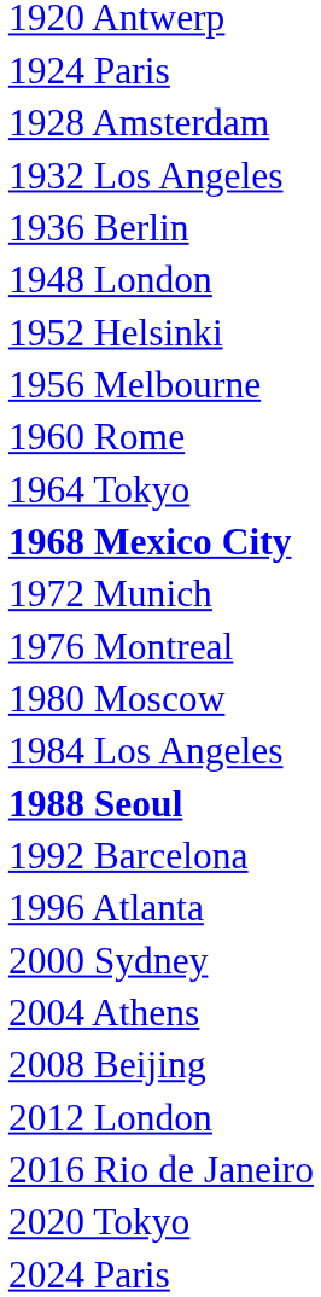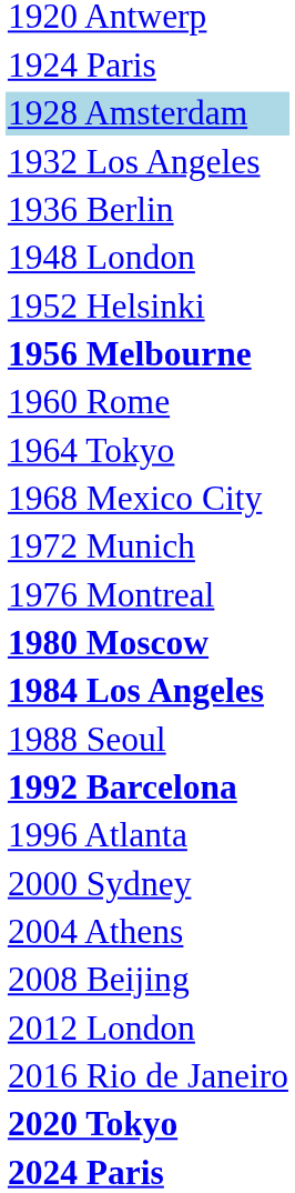 <table>
 <tr>
 <td><a href='#'>1920 Antwerp</a><br></td>
 <td></td>
 <td></td>
 <td></td>
 </tr>
 <tr>
 <td><a href='#'>1924 Paris</a><br></td>
 <td></td>
 <td></td>
 <td></td>
 </tr>
 <tr>
-<td><a href='#'>1928 Amsterdam</a><br></td>
+<td style="background: lightblue;"><a href='#'>1928 Amsterdam</a><br></td>
 <td></td>
 <td></td>
 <td></td>
 </tr>
 <tr>
 <td><a href='#'>1932 Los Angeles</a><br></td>
 <td></td>
 <td></td>
 <td></td>
 </tr>
 <tr>
 <td><a href='#'>1936 Berlin</a><br></td>
 <td></td>
 <td></td>
 <td></td>
 </tr>
 <tr>
 <td><a href='#'>1948 London</a><br></td>
 <td></td>
 <td></td>
 <td></td>
 </tr>
 <tr>
 <td><a href='#'>1952 Helsinki</a><br></td>
 <td></td>
 <td></td>
 <td></td>
 </tr>
 <tr>
-<td><a href='#'>1956 Melbourne</a><br></td>
+<td><strong><a href='#'>1956 Melbourne</a><br></strong></td>
 <td></td>
 <td></td>
 <td></td>
 </tr>
 <tr>
 <td><a href='#'>1960 Rome</a><br></td>
 <td></td>
 <td></td>
 <td></td>
 </tr>
 <tr>
 <td><a href='#'>1964 Tokyo</a><br></td>
 <td></td>
 <td></td>
 <td></td>
 </tr>
 <tr>
-<td><strong><a href='#'>1968 Mexico City</a><br></strong></td>
+<td><a href='#'>1968 Mexico City</a><br></td>
 <td></td>
 <td></td>
 <td></td>
 </tr>
 <tr>
 <td><a href='#'>1972 Munich</a><br></td>
 <td></td>
 <td></td>
 <td></td>
 </tr>
 <tr>
 <td><a href='#'>1976 Montreal</a><br></td>
 <td></td>
 <td></td>
 <td></td>
 </tr>
 <tr>
-<td><a href='#'>1980 Moscow</a><br></td>
+<td><strong><a href='#'>1980 Moscow</a><br></strong></td>
 <td></td>
 <td></td>
 <td></td>
 </tr>
 <tr>
-<td><a href='#'>1984 Los Angeles</a><br></td>
+<td><strong><a href='#'>1984 Los Angeles</a><br></strong></td>
 <td></td>
 <td></td>
 <td></td>
 </tr>
 <tr>
-<td><strong><a href='#'>1988 Seoul</a><br></strong></td>
+<td><a href='#'>1988 Seoul</a><br></td>
 <td></td>
 <td></td>
 <td></td>
 </tr>
 <tr>
-<td><a href='#'>1992 Barcelona</a><br></td>
+<td><strong><a href='#'>1992 Barcelona</a><br></strong></td>
 <td></td>
 <td></td>
 <td></td>
 </tr>
 <tr>
 <td><a href='#'>1996 Atlanta</a><br></td>
 <td></td>
 <td></td>
 <td></td>
 </tr>
 <tr>
 <td><a href='#'>2000 Sydney</a><br></td>
 <td></td>
 <td></td>
 <td></td>
 </tr>
 <tr>
 <td><a href='#'>2004 Athens</a><br></td>
 <td></td>
 <td></td>
 <td></td>
 </tr>
 <tr>
 <td><a href='#'>2008 Beijing</a><br></td>
 <td></td>
 <td></td>
 <td></td>
 </tr>
 <tr>
 <td><a href='#'>2012 London</a><br></td>
 <td></td>
 <td></td>
 <td></td>
 </tr>
 <tr>
 <td><a href='#'>2016 Rio de Janeiro</a><br></td>
 <td></td>
 <td></td>
 <td></td>
 </tr>
 <tr>
-<td><a href='#'>2020 Tokyo</a><br></td>
+<td><strong><a href='#'>2020 Tokyo</a><br></strong></td>
 <td></td>
 <td></td>
 <td></td>
 </tr>
 <tr>
-<td><a href='#'>2024 Paris</a> <br></td>
+<td><strong><a href='#'>2024 Paris</a> <br></strong></td>
 <td></td>
 <td></td>
 <td></td>
 </tr>
 <tr>
 </tr>
 </table>
